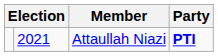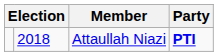 <table class="wikitable">
 <tr>
 <th colspan="2">Election</th>
 <th>Member</th>
 <th>Party</th>
 </tr>
 <tr>
 <td style="background-color: "></td>
-<td><a href='#'>2021</a></td>
+<td><a href='#'>2018</a></td>
 <td><a href='#'>Attaullah Niazi</a></td>
 <td><strong><a href='#'>PTI</a></strong></td>
 </tr>
 </table>
